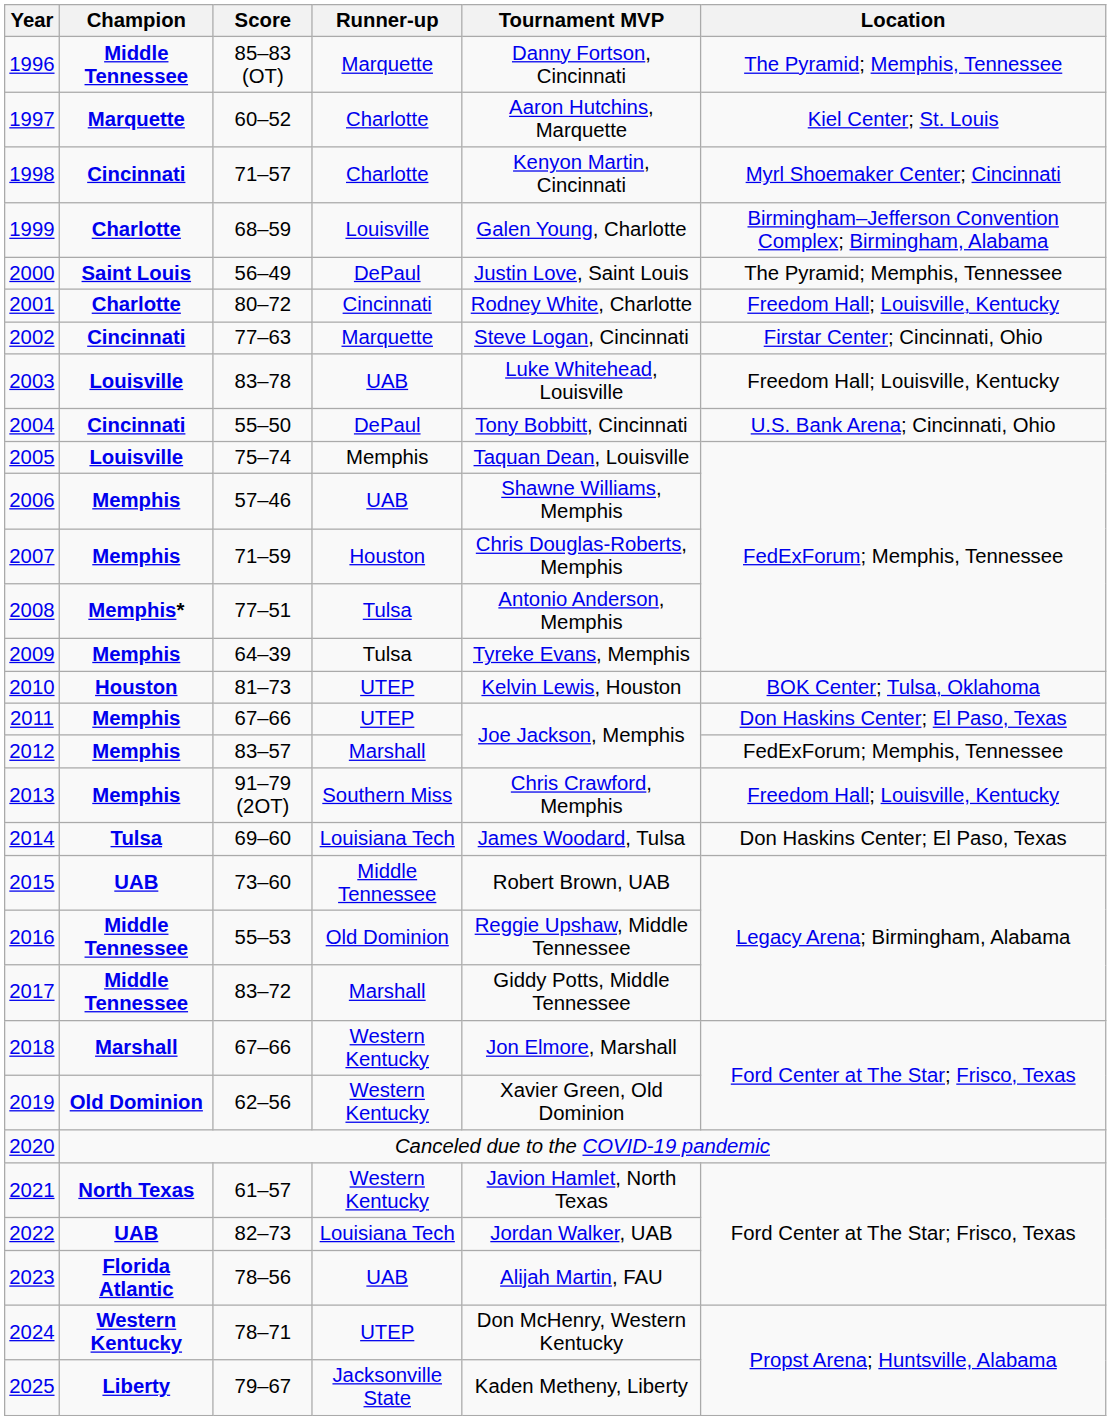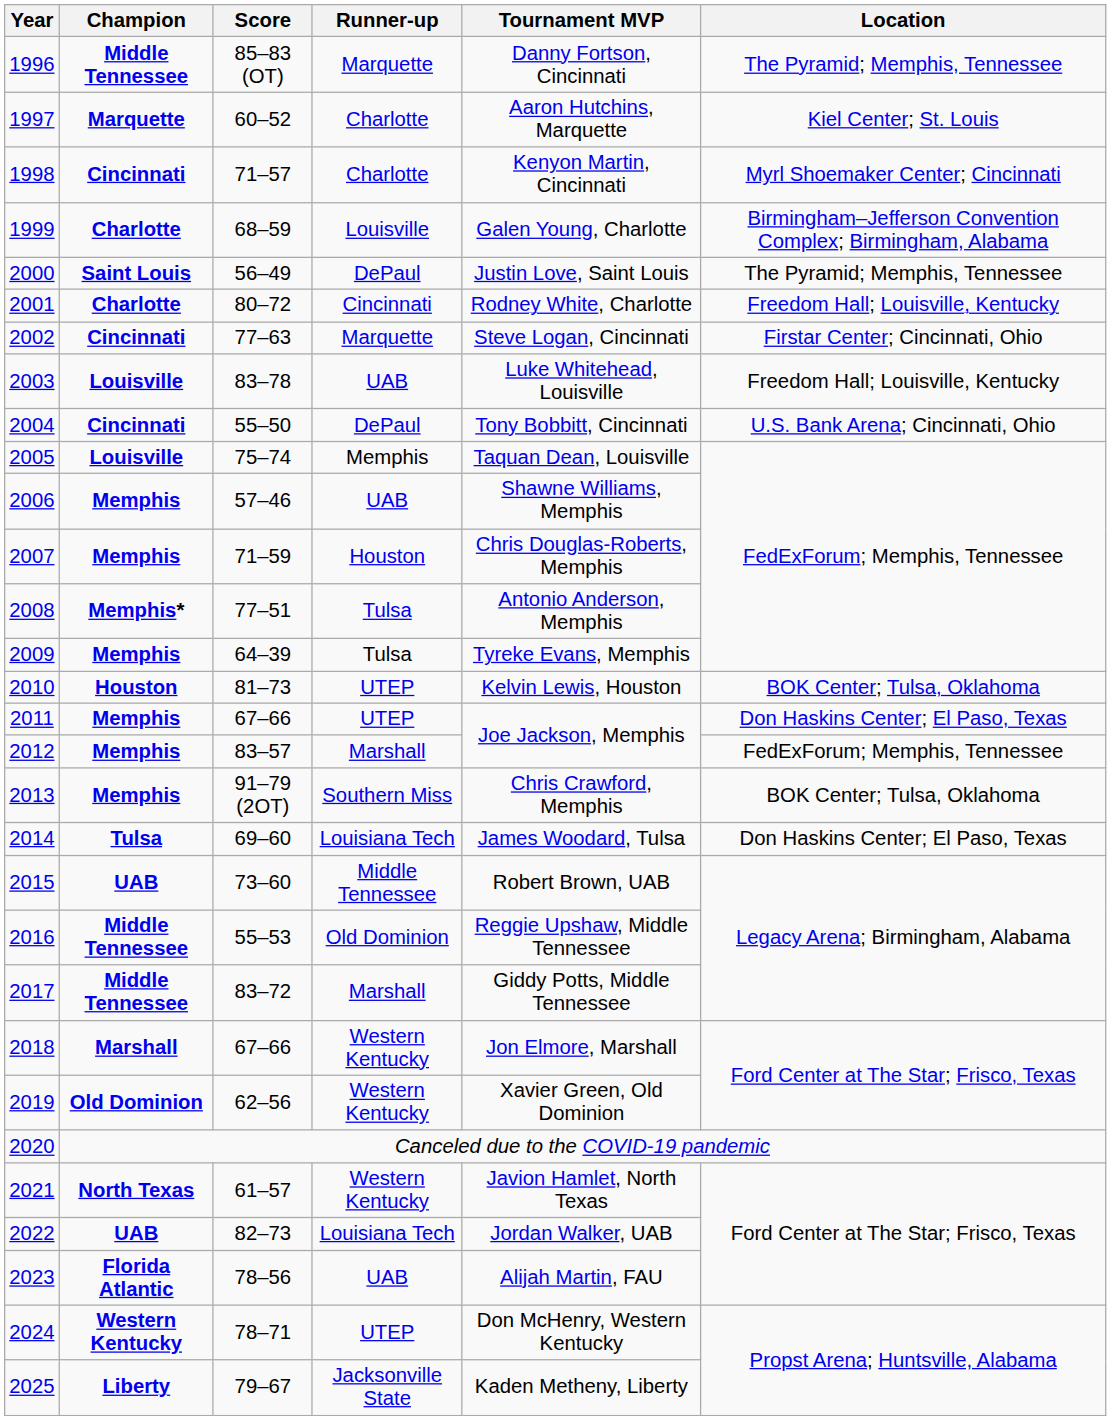 <table class="wikitable sortable" style="text-align:center">
 <tr>
 <th width=px>Year</th>
 <th width=px>Champion</th>
 <th width=px>Score</th>
 <th width=px>Runner-up</th>
 <th width=px>Tournament MVP</th>
 <th width=px>Location</th>
 </tr>
 <tr>
 <td><a href='#'>1996</a></td>
 <td><strong><a href='#'>Middle Tennessee</a></strong></td>
 <td>85–83 (OT)</td>
 <td><a href='#'>Marquette</a></td>
 <td><a href='#'>Danny Fortson</a>, Cincinnati</td>
 <td><a href='#'>The Pyramid</a>; <a href='#'>Memphis, Tennessee</a></td>
 </tr>
 <tr>
 <td><a href='#'>1997</a></td>
 <td><strong><a href='#'>Marquette</a></strong></td>
 <td>60–52</td>
 <td><a href='#'>Charlotte</a></td>
 <td><a href='#'>Aaron Hutchins</a>, Marquette</td>
 <td><a href='#'>Kiel Center</a>; <a href='#'>St. Louis</a></td>
 </tr>
 <tr>
 <td><a href='#'>1998</a></td>
 <td><strong><a href='#'>Cincinnati</a></strong></td>
 <td>71–57</td>
 <td><a href='#'>Charlotte</a></td>
 <td><a href='#'>Kenyon Martin</a>, Cincinnati</td>
 <td><a href='#'>Myrl Shoemaker Center</a>; <a href='#'>Cincinnati</a></td>
 </tr>
 <tr>
 <td><a href='#'>1999</a></td>
 <td><strong><a href='#'>Charlotte</a></strong></td>
 <td>68–59</td>
 <td><a href='#'>Louisville</a></td>
 <td><a href='#'>Galen Young</a>, Charlotte</td>
 <td><a href='#'>Birmingham–Jefferson Convention Complex</a>; <a href='#'>Birmingham, Alabama</a></td>
 </tr>
 <tr>
 <td><a href='#'>2000</a></td>
 <td><strong><a href='#'>Saint Louis</a></strong></td>
 <td>56–49</td>
 <td><a href='#'>DePaul</a></td>
 <td><a href='#'>Justin Love</a>, Saint Louis</td>
 <td>The Pyramid; Memphis, Tennessee</td>
 </tr>
 <tr>
 <td><a href='#'>2001</a></td>
 <td><strong><a href='#'>Charlotte</a></strong></td>
 <td>80–72</td>
 <td><a href='#'>Cincinnati</a></td>
 <td><a href='#'>Rodney White</a>, Charlotte</td>
 <td><a href='#'>Freedom Hall</a>; <a href='#'>Louisville, Kentucky</a></td>
 </tr>
 <tr>
 <td><a href='#'>2002</a></td>
 <td><strong><a href='#'>Cincinnati</a></strong></td>
 <td>77–63</td>
 <td><a href='#'>Marquette</a></td>
 <td><a href='#'>Steve Logan</a>, Cincinnati</td>
 <td><a href='#'>Firstar Center</a>; Cincinnati, Ohio</td>
 </tr>
 <tr>
 <td><a href='#'>2003</a></td>
 <td><strong><a href='#'>Louisville</a></strong></td>
 <td>83–78</td>
 <td><a href='#'>UAB</a></td>
 <td><a href='#'>Luke Whitehead</a>, Louisville</td>
 <td>Freedom Hall; Louisville, Kentucky</td>
 </tr>
 <tr>
 <td><a href='#'>2004</a></td>
 <td><strong><a href='#'>Cincinnati</a></strong></td>
 <td>55–50</td>
 <td><a href='#'>DePaul</a></td>
 <td><a href='#'>Tony Bobbitt</a>, Cincinnati</td>
 <td><a href='#'>U.S. Bank Arena</a>; Cincinnati, Ohio</td>
 </tr>
 <tr>
 <td><a href='#'>2005</a></td>
 <td><strong><a href='#'>Louisville</a> </strong></td>
 <td>75–74</td>
 <td>Memphis</td>
 <td><a href='#'>Taquan Dean</a>, Louisville</td>
 <td rowspan=5><a href='#'>FedExForum</a>; Memphis, Tennessee</td>
 </tr>
 <tr>
 <td><a href='#'>2006</a></td>
 <td><strong><a href='#'>Memphis</a></strong></td>
 <td>57–46</td>
 <td><a href='#'>UAB</a></td>
 <td><a href='#'>Shawne Williams</a>, Memphis</td>
 </tr>
 <tr>
 <td><a href='#'>2007</a></td>
 <td><strong><a href='#'>Memphis</a></strong></td>
 <td>71–59</td>
 <td><a href='#'>Houston</a></td>
 <td><a href='#'>Chris Douglas-Roberts</a>, Memphis</td>
 </tr>
 <tr>
 <td><a href='#'>2008</a></td>
 <td><strong><a href='#'>Memphis</a>* </strong></td>
 <td>77–51</td>
 <td><a href='#'>Tulsa</a></td>
 <td><a href='#'>Antonio Anderson</a>, Memphis</td>
 </tr>
 <tr>
 <td><a href='#'>2009</a></td>
 <td><strong><a href='#'>Memphis</a> </strong></td>
 <td>64–39</td>
 <td>Tulsa</td>
 <td><a href='#'>Tyreke Evans</a>, Memphis</td>
 </tr>
 <tr>
 <td><a href='#'>2010</a></td>
 <td><strong><a href='#'>Houston</a></strong></td>
 <td>81–73</td>
 <td><a href='#'>UTEP</a></td>
 <td><a href='#'>Kelvin Lewis</a>, Houston</td>
 <td><a href='#'>BOK Center</a>; <a href='#'>Tulsa, Oklahoma</a></td>
 </tr>
 <tr>
 <td><a href='#'>2011</a></td>
 <td><strong><a href='#'>Memphis</a></strong></td>
 <td>67–66</td>
 <td><a href='#'>UTEP</a></td>
 <td rowspan=2><a href='#'>Joe Jackson</a>, Memphis</td>
 <td><a href='#'>Don Haskins Center</a>; <a href='#'>El Paso, Texas</a></td>
 </tr>
 <tr>
 <td><a href='#'>2012</a></td>
 <td><strong><a href='#'>Memphis</a></strong></td>
 <td>83–57</td>
 <td><a href='#'>Marshall</a></td>
 <td>FedExForum; Memphis, Tennessee</td>
 </tr>
 <tr>
 <td><a href='#'>2013</a></td>
 <td><strong><a href='#'>Memphis</a></strong></td>
 <td>91–79 (2OT)</td>
 <td><a href='#'>Southern Miss</a></td>
 <td><a href='#'>Chris Crawford</a>, Memphis</td>
-<td><a href='#'>Freedom Hall</a>; <a href='#'>Louisville, Kentucky</a></td>
+<td>BOK Center; Tulsa, Oklahoma</td>
 </tr>
 <tr>
 <td><a href='#'>2014</a></td>
 <td><strong><a href='#'>Tulsa</a></strong></td>
 <td>69–60</td>
 <td><a href='#'>Louisiana Tech</a></td>
 <td><a href='#'>James Woodard</a>, Tulsa</td>
 <td>Don Haskins Center; El Paso, Texas</td>
 </tr>
 <tr>
 <td><a href='#'>2015</a></td>
 <td><strong><a href='#'>UAB</a></strong></td>
 <td>73–60</td>
 <td><a href='#'>Middle Tennessee</a></td>
 <td>Robert Brown, UAB</td>
 <td rowspan=3><a href='#'>Legacy Arena</a>; Birmingham, Alabama</td>
 </tr>
 <tr>
 <td><a href='#'>2016</a></td>
 <td><strong><a href='#'>Middle Tennessee</a></strong></td>
 <td>55–53</td>
 <td><a href='#'>Old Dominion</a></td>
 <td><a href='#'>Reggie Upshaw</a>, Middle Tennessee</td>
 </tr>
 <tr>
 <td><a href='#'>2017</a></td>
 <td><strong><a href='#'>Middle Tennessee</a></strong></td>
 <td>83–72</td>
 <td><a href='#'>Marshall</a></td>
 <td>Giddy Potts, Middle Tennessee</td>
 </tr>
 <tr>
 <td><a href='#'>2018</a></td>
 <td><strong><a href='#'>Marshall</a></strong></td>
 <td>67–66</td>
 <td><a href='#'>Western Kentucky</a></td>
 <td><a href='#'>Jon Elmore</a>, Marshall</td>
 <td rowspan=2><a href='#'>Ford Center at The Star</a>; <a href='#'>Frisco, Texas</a></td>
 </tr>
 <tr>
 <td><a href='#'>2019</a></td>
 <td><strong><a href='#'>Old Dominion</a></strong></td>
 <td>62–56</td>
 <td><a href='#'>Western Kentucky</a></td>
 <td>Xavier Green, Old Dominion</td>
 </tr>
 <tr>
 <td><a href='#'>2020</a></td>
 <td colspan="5"><em>Canceled due to the <a href='#'>COVID-19 pandemic</a></em></td>
 </tr>
 <tr>
 <td><a href='#'>2021</a></td>
 <td><strong><a href='#'>North Texas</a></strong></td>
 <td>61–57</td>
 <td><a href='#'>Western Kentucky</a></td>
 <td><a href='#'>Javion Hamlet</a>, North Texas</td>
 <td rowspan=3>Ford Center at The Star; Frisco, Texas</td>
 </tr>
 <tr>
 <td><a href='#'>2022</a></td>
 <td><strong><a href='#'>UAB</a></strong></td>
 <td>82–73</td>
 <td><a href='#'>Louisiana Tech</a></td>
 <td><a href='#'>Jordan Walker</a>, UAB</td>
 </tr>
 <tr>
 <td><a href='#'>2023</a></td>
 <td><strong><a href='#'>Florida Atlantic</a></strong></td>
 <td>78–56</td>
 <td><a href='#'>UAB</a></td>
 <td><a href='#'>Alijah Martin</a>, FAU</td>
 </tr>
 <tr>
 <td><a href='#'>2024</a></td>
 <td><strong><a href='#'>Western Kentucky</a></strong></td>
 <td>78–71</td>
 <td><a href='#'>UTEP</a></td>
 <td>Don McHenry, Western Kentucky</td>
 <td rowspan=2><a href='#'>Propst Arena</a>; <a href='#'>Huntsville, Alabama</a></td>
 </tr>
 <tr>
 <td><a href='#'>2025</a></td>
 <td><strong><a href='#'>Liberty</a></strong></td>
 <td>79–67</td>
 <td><a href='#'>Jacksonville State</a></td>
 <td>Kaden Metheny, Liberty</td>
 </tr>
 </table>
